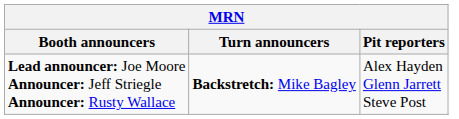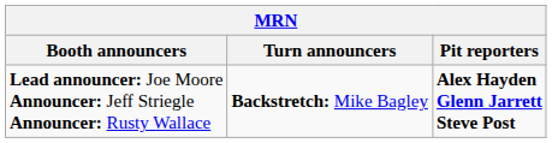 <table class="wikitable" style="font-size: 95%;">
 <tr>
 <th colspan="3"><a href='#'>MRN</a></th>
 </tr>
 <tr>
 <th>Booth announcers</th>
 <th>Turn announcers</th>
 <th>Pit reporters</th>
 </tr>
 <tr>
 <td><strong>Lead announcer:</strong> Joe Moore<br><strong>Announcer:</strong> Jeff Striegle<br><strong>Announcer:</strong> <a href='#'>Rusty Wallace</a></td>
 <td><strong>Backstretch:</strong> <a href='#'>Mike Bagley</a></td>
-<td>Alex Hayden<br><a href='#'>Glenn Jarrett</a><br>Steve Post</td>
+<td><strong>Alex Hayden<br><a href='#'>Glenn Jarrett</a><br>Steve Post</strong></td>
 </tr>
 </table>
